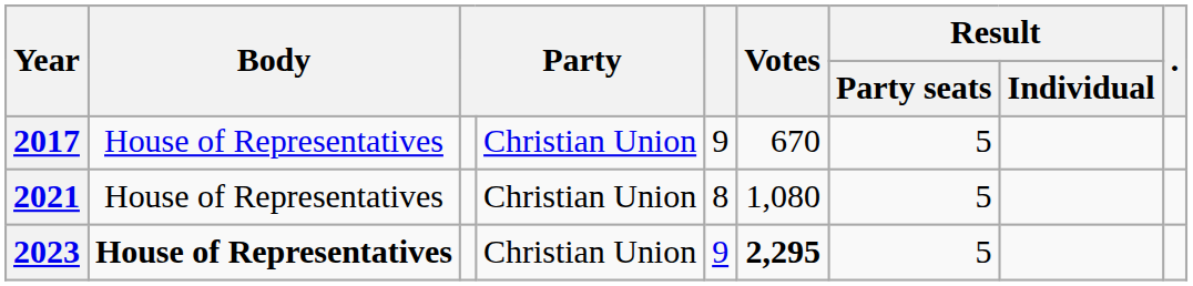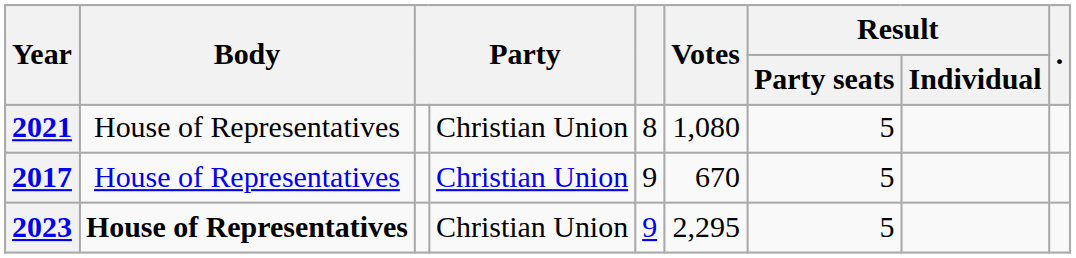 <table class="wikitable plainrowheaders sortable" border=2 cellpadding=4 cellspacing=0 style="border: 1px #aaa solid; font-size: 90%; text-align:center;">
 <tr>
 <th scope="col" rowspan=2>Year</th>
 <th scope="col" rowspan=2>Body</th>
 <th scope="col" colspan=2 rowspan=2>Party</th>
 <th scope="col" rowspan=2></th>
 <th scope="col" rowspan=2>Votes</th>
 <th scope="colgroup" colspan=2>Result</th>
 <th scope="col" rowspan=2 class="unsortable">.</th>
 </tr>
 <tr>
 <th scope="col">Party seats</th>
 <th scope="col">Individual</th>
 </tr>
 <tr>
+<th scope="row"><a href='#'>2021</a></th>
+<td>House of Representatives</td>
+<td style="background-color:"></td>
+<td>Christian Union</td>
+<td style=text-align:right>8</td>
+<td style=text-align:right>1,080</td>
+<td style=text-align:right>5</td>
+<td></td>
+<td></td>
+</tr>
+<tr>
 <th scope="row"><a href='#'>2017</a></th>
 <td><a href='#'>House of Representatives</a></td>
 <td style="background-color:"></td>
 <td><a href='#'>Christian Union</a></td>
 <td style=text-align:right>9</td>
 <td style=text-align:right>670</td>
 <td style=text-align:right>5</td>
 <td></td>
 <td></td>
 </tr>
 <tr>
-<th scope="row"><a href='#'>2021</a></th>
-<td>House of Representatives</td>
-<td style="background-color:"></td>
-<td>Christian Union</td>
-<td style=text-align:right>8</td>
-<td style=text-align:right>1,080</td>
-<td style=text-align:right>5</td>
-<td></td>
-<td></td>
-</tr>
-<tr>
 <th scope="row"><a href='#'>2023</a></th>
 <td><strong>House of Representatives</strong></td>
 <td style="background-color:"></td>
 <td>Christian Union</td>
 <td style=text-align:right><a href='#'>9</a></td>
-<td style=text-align:right><strong>2,295</strong></td>
+<td style=text-align:right>2,295</td>
 <td style=text-align:right>5</td>
 <td></td>
 <td></td>
 </tr>
 </table>
